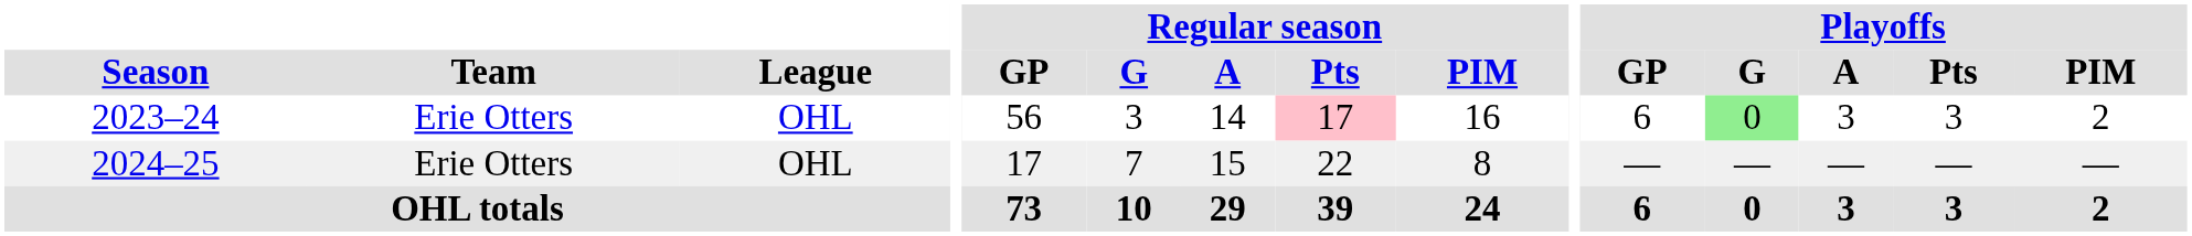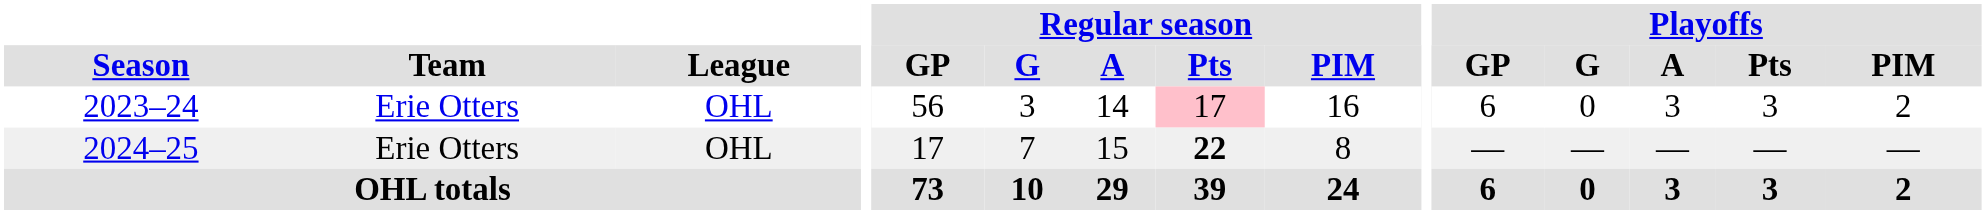 <table border="0" cellpadding="1" cellspacing="0" style="text-align:center; width:60em;">
 <tr bgcolor="#e0e0e0">
 <th colspan="3" bgcolor="#ffffff"></th>
 <th rowspan="94" bgcolor="#ffffff"></th>
 <th colspan="5"><a href='#'>Regular season</a></th>
 <th rowspan="94" bgcolor="#ffffff"></th>
 <th colspan="5"><a href='#'>Playoffs</a></th>
 </tr>
 <tr bgcolor="#e0e0e0">
 <th><a href='#'>Season</a></th>
 <th>Team</th>
 <th>League</th>
 <th>GP</th>
 <th><a href='#'>G</a></th>
 <th><a href='#'>A</a></th>
 <th><a href='#'>Pts</a></th>
 <th><a href='#'>PIM</a></th>
 <th>GP</th>
 <th>G</th>
 <th>A</th>
 <th>Pts</th>
 <th>PIM</th>
 </tr>
 <tr>
 <td><a href='#'>2023–24</a></td>
 <td><a href='#'>Erie Otters</a></td>
 <td><a href='#'>OHL</a></td>
 <td>56</td>
 <td>3</td>
 <td>14</td>
 <td style="background: pink;">17</td>
 <td>16</td>
 <td>6</td>
-<td style="background: lightgreen;">0</td>
+<td>0</td>
 <td>3</td>
 <td>3</td>
 <td>2</td>
 </tr>
 <tr bgcolor="#f0f0f0">
 <td><a href='#'>2024–25</a></td>
 <td>Erie Otters</td>
 <td>OHL</td>
 <td>17</td>
 <td>7</td>
 <td>15</td>
-<td>22</td>
+<td><strong>22</strong></td>
 <td>8</td>
 <td>—</td>
 <td>—</td>
 <td>—</td>
 <td>—</td>
 <td>—</td>
 </tr>
 <tr bgcolor="#e0e0e0">
 <th colspan="3">OHL totals</th>
 <th>73</th>
 <th>10</th>
 <th>29</th>
 <th>39</th>
 <th>24</th>
 <th>6</th>
 <th>0</th>
 <th>3</th>
 <th>3</th>
 <th>2</th>
 </tr>
 </table>
